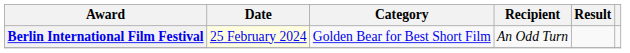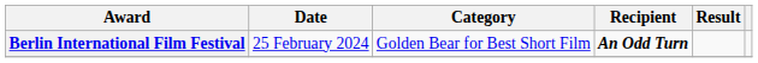 <table class="wikitable sortable plainrowheaders">
 <tr>
 <th>Award</th>
 <th>Date</th>
 <th>Category</th>
 <th>Recipient</th>
 <th>Result</th>
 <th></th>
 </tr>
 <tr>
 <th scope="row"><a href='#'>Berlin International Film Festival</a></th>
-<td style="background: lightyellow;"><a href='#'>25 February 2024</a></td>
+<td><a href='#'>25 February 2024</a></td>
 <td><a href='#'>Golden Bear for Best Short Film</a></td>
-<td><em>An Odd Turn</em></td>
+<td><strong><em>An Odd Turn</em></strong></td>
 <td></td>
 <td align="center" rowspan="1"></td>
 </tr>
 <tr>
 </tr>
 </table>
